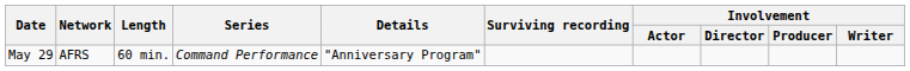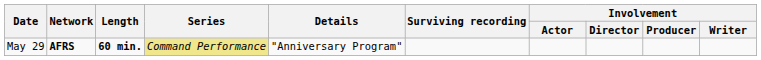 <table class="wikitable">
 <tr>
 <th rowspan="2" style="width:33px;">Date</th>
 <th rowspan="2">Network</th>
 <th rowspan="2">Length</th>
 <th rowspan="2">Series</th>
 <th rowspan="2">Details</th>
 <th rowspan="2">Surviving recording</th>
 <th colspan="4">Involvement</th>
 </tr>
 <tr>
 <th width=65>Actor</th>
 <th width=65>Director</th>
 <th width=65>Producer</th>
 <th width=65>Writer</th>
 </tr>
 <tr style="text-align:center;">
 <td style="text-align:left;">May 29</td>
-<td style="text-align:left;">AFRS</td>
-<td style="text-align:left;">60 min.</td>
-<td style="text-align:left;"><em>Command Performance</em></td>
+<td style="text-align:left;"><strong>AFRS</strong></td>
+<td style="text-align:left;"><strong>60 min.</strong></td>
+<td style="background: khaki; text-align:left;"><em>Command Performance</em></td>
 <td style="text-align:left;">"Anniversary Program"  </td>
 <td></td>
 <td></td>
 <td></td>
 <td></td>
 <td></td>
 </tr>
 </table>
